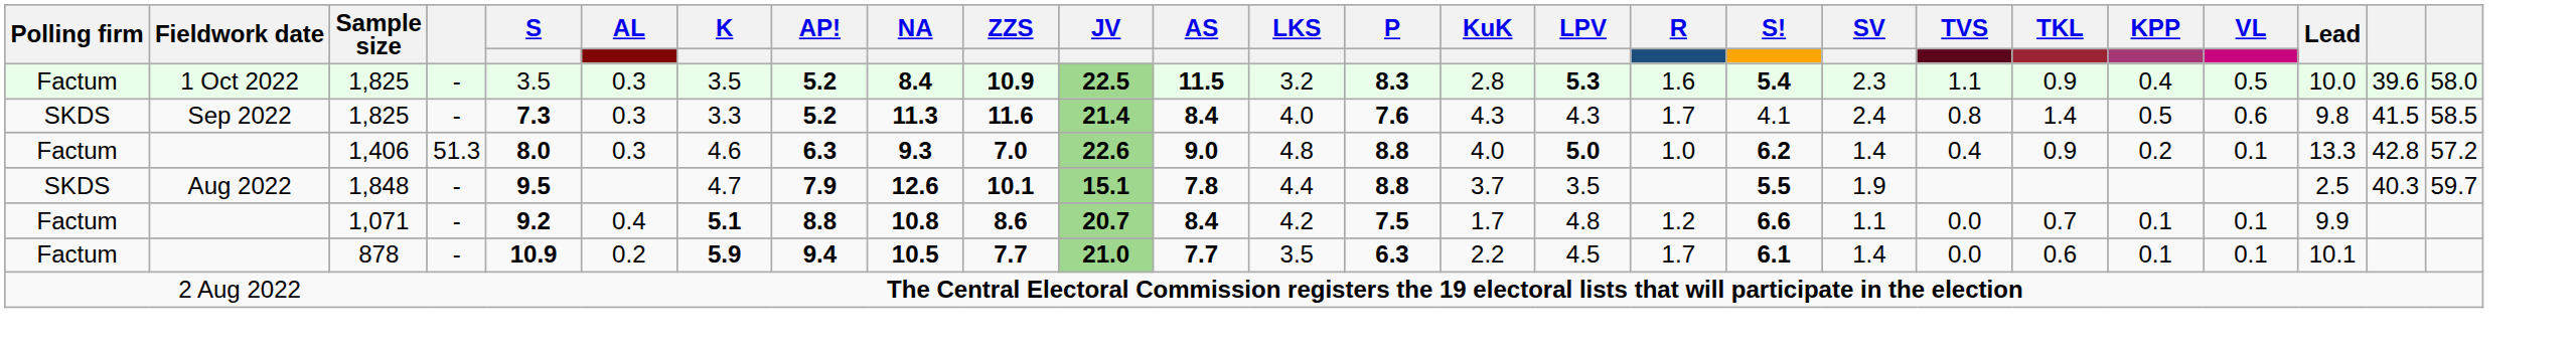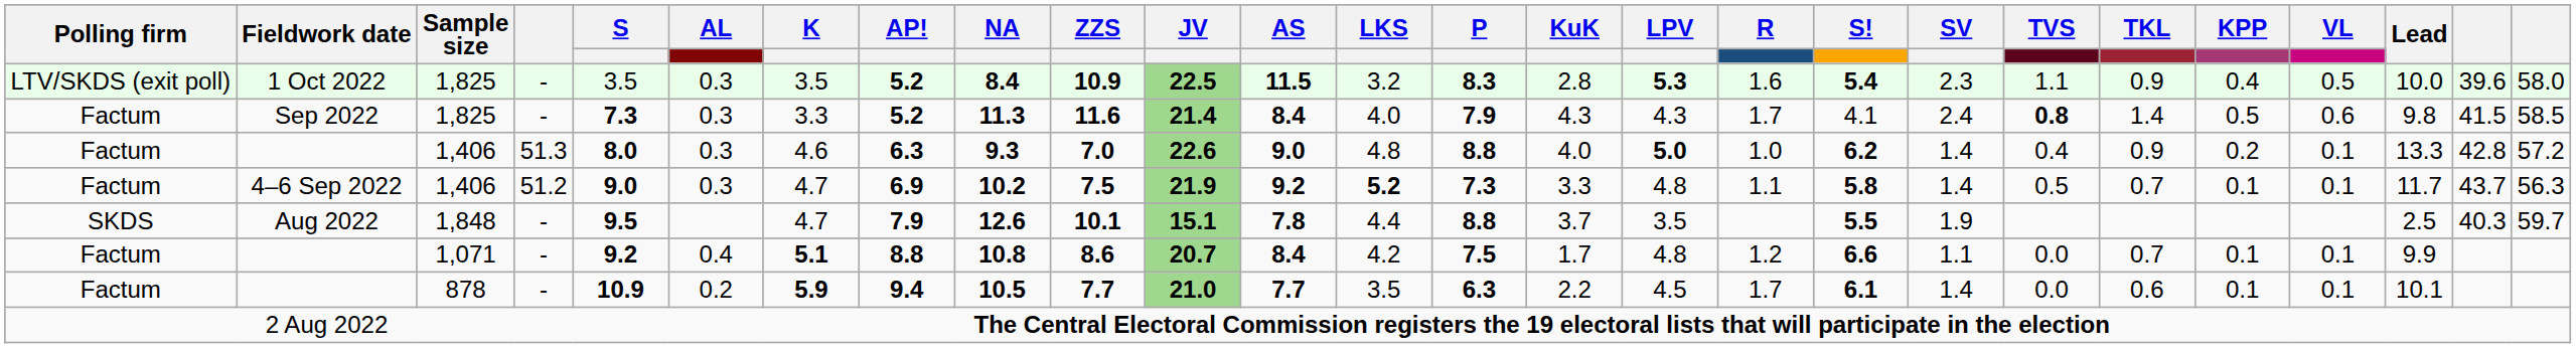 <table class="wikitable sortable mw-datatable" style="text-align:center;font-size:90%;line-height:14px;">
 <tr>
 <th rowspan="2">Polling firm</th>
 <th class="unsortable" rowspan="2">Fieldwork date</th>
 <th class="unsortable" rowspan="2">Sample<br>size</th>
 <th class="unsortable" rowspan="2"></th>
 <th class="unsortable" style="width:50px;"><a href='#'>S</a></th>
 <th class="unsortable" style="width:50px;"><a href='#'>AL</a></th>
 <th class="unsortable" style="width:50px;"><a href='#'>K</a></th>
 <th class="unsortable" style="width:50px;"><a href='#'>AP!</a></th>
 <th class="unsortable" style="width:50px;"><a href='#'>NA</a></th>
 <th class="unsortable" style="width:50px;"><a href='#'>ZZS</a></th>
 <th class="unsortable" style="width:50px;"><a href='#'>JV</a></th>
 <th class="unsortable" style="width:50px;"><a href='#'>AS</a></th>
 <th class="unsortable" style="width:50px;"><a href='#'>LKS</a></th>
 <th class="unsortable" style="width:50px;"><a href='#'>P</a></th>
 <th class="unsortable" style="width:50px;"><a href='#'>KuK</a></th>
 <th class="unsortable" style="width:50px;"><a href='#'>LPV</a></th>
 <th class="unsortable" style="width:50px;"><a href='#'>R</a></th>
 <th class="unsortable" style="width:50px;"><a href='#'>S!</a></th>
 <th class="unsortable" style="width:50px;"><a href='#'>SV</a></th>
 <th class="unsortable" style="width:50px;"><a href='#'>TVS</a></th>
 <th class="unsortable" style="width:50px;"><a href='#'>TKL</a></th>
 <th class="unsortable" style="width:50px;"><a href='#'>KPP</a></th>
 <th class="unsortable" style="width:50px;"><a href='#'>VL</a></th>
 <th class="unsortable" style="width:30px;" rowspan="2">Lead</th>
 <th class="unsortable" style="width:20px;" rowspan="2"></th>
 <th class="unsortable" style="width:20px;" rowspan="2"></th>
 </tr>
 <tr>
 <th data-sort-type="number" style="background:"></th>
 <th data-sort-type="number" style="background:#800404;"></th>
 <th data-sort-type="number" style="background:"></th>
 <th data-sort-type="number" style="background:"></th>
 <th data-sort-type="number" style="background:"></th>
 <th data-sort-type="number" style="background:"></th>
 <th data-sort-type="number" style="background:"></th>
 <th data-sort-type="number" style="background:"></th>
 <th data-sort-type="number" style="background:"></th>
 <th data-sort-type="number" style="background:"></th>
 <th data-sort-type="number" style="background:"></th>
 <th data-sort-type="number" style="background:"></th>
 <th data-sort-type="number" style="background:#1B4D7D;"></th>
 <th data-sort-type="number" style="background:#FFA500;"></th>
 <th data-sort-type="number" style="background:"></th>
 <th data-sort-type="number" style="background:#5B031B;"></th>
 <th data-sort-type="number" style="background:#9C2334;"></th>
 <th data-sort-type="number" style="background:#A53774;"></th>
 <th data-sort-type="number" style="background:#C8057F;"></th>
 </tr>
 <tr style="background:#EAFFEA">
-<td>Factum</td>
+<td>LTV/SKDS (exit poll)</td>
 <td>1 Oct 2022</td>
 <td>1,825</td>
 <td>-</td>
 <td>3.5</td>
 <td>0.3</td>
 <td>3.5</td>
 <td><strong>5.2</strong></td>
 <td><strong>8.4</strong></td>
 <td><strong>10.9</strong></td>
 <td style="background:#A0D78E"><strong>22.5</strong></td>
 <td><strong>11.5</strong></td>
 <td>3.2</td>
 <td><strong>8.3</strong></td>
 <td>2.8</td>
 <td><strong>5.3</strong></td>
 <td>1.6</td>
 <td><strong>5.4</strong></td>
 <td>2.3</td>
 <td>1.1</td>
 <td>0.9</td>
 <td>0.4</td>
 <td>0.5</td>
 <td style="background:">10.0</td>
 <td>39.6</td>
 <td>58.0</td>
 </tr>
 <tr>
-<td>SKDS</td>
+<td>Factum</td>
 <td>Sep 2022</td>
 <td>1,825</td>
 <td>-</td>
 <td><strong>7.3</strong></td>
 <td>0.3</td>
 <td>3.3</td>
 <td><strong>5.2</strong></td>
 <td><strong>11.3</strong></td>
 <td><strong>11.6</strong></td>
 <td style="background:#A0D78E"><strong>21.4</strong></td>
 <td><strong>8.4</strong></td>
 <td>4.0</td>
-<td><strong>7.6</strong></td>
+<td><strong>7.9</strong></td>
 <td>4.3</td>
 <td>4.3</td>
 <td>1.7</td>
 <td>4.1</td>
 <td>2.4</td>
-<td>0.8</td>
+<td><strong>0.8</strong></td>
 <td>1.4</td>
 <td>0.5</td>
 <td>0.6</td>
 <td style="background:">9.8</td>
 <td>41.5</td>
 <td>58.5</td>
 </tr>
 <tr>
 <td>Factum</td>
 <td></td>
 <td>1,406</td>
 <td>51.3</td>
 <td><strong>8.0</strong></td>
 <td>0.3</td>
 <td>4.6</td>
 <td><strong>6.3</strong></td>
 <td><strong>9.3</strong></td>
 <td><strong>7.0</strong></td>
 <td style="background:#A0D78E"><strong>22.6</strong></td>
 <td><strong>9.0</strong></td>
 <td>4.8</td>
 <td><strong>8.8</strong></td>
 <td>4.0</td>
 <td><strong>5.0</strong></td>
 <td>1.0</td>
 <td><strong>6.2</strong></td>
 <td>1.4</td>
 <td>0.4</td>
 <td>0.9</td>
 <td>0.2</td>
 <td>0.1</td>
 <td style="background:">13.3</td>
 <td>42.8</td>
 <td>57.2</td>
+</tr>
+<tr>
+<td>Factum</td>
+<td>4–6 Sep 2022</td>
+<td>1,406</td>
+<td>51.2</td>
+<td><strong>9.0</strong></td>
+<td>0.3</td>
+<td>4.7</td>
+<td><strong>6.9</strong></td>
+<td><strong>10.2</strong></td>
+<td><strong>7.5</strong></td>
+<td style="background:#A0D78E"><strong>21.9</strong></td>
+<td><strong>9.2</strong></td>
+<td><strong>5.2</strong></td>
+<td><strong>7.3</strong></td>
+<td>3.3</td>
+<td>4.8</td>
+<td>1.1</td>
+<td><strong>5.8</strong></td>
+<td>1.4</td>
+<td>0.5</td>
+<td>0.7</td>
+<td>0.1</td>
+<td>0.1</td>
+<td style="background:">11.7</td>
+<td>43.7</td>
+<td>56.3</td>
 </tr>
 <tr>
 <td>SKDS</td>
 <td>Aug 2022</td>
 <td>1,848</td>
 <td>-</td>
 <td><strong>9.5</strong></td>
 <td></td>
 <td>4.7</td>
 <td><strong>7.9</strong></td>
 <td><strong>12.6</strong></td>
 <td><strong>10.1</strong></td>
 <td style="background:#A0D78E"><strong>15.1</strong></td>
 <td><strong>7.8</strong></td>
 <td>4.4</td>
 <td><strong>8.8</strong></td>
 <td>3.7</td>
 <td>3.5</td>
 <td></td>
 <td><strong>5.5</strong></td>
 <td>1.9</td>
 <td></td>
 <td></td>
 <td></td>
 <td></td>
 <td style="background:">2.5</td>
 <td>40.3</td>
 <td>59.7</td>
 </tr>
 <tr>
 <td>Factum</td>
 <td></td>
 <td>1,071</td>
 <td>-</td>
 <td><strong>9.2</strong></td>
 <td>0.4</td>
 <td><strong>5.1</strong></td>
 <td><strong>8.8</strong></td>
 <td><strong>10.8</strong></td>
 <td><strong>8.6</strong></td>
 <td style="background:#A0D78E"><strong>20.7</strong></td>
 <td><strong>8.4</strong></td>
 <td>4.2</td>
 <td><strong>7.5</strong></td>
 <td>1.7</td>
 <td>4.8</td>
 <td>1.2</td>
 <td><strong>6.6</strong></td>
 <td>1.1</td>
 <td>0.0</td>
 <td>0.7</td>
 <td>0.1</td>
 <td>0.1</td>
 <td style="background:">9.9</td>
 <td></td>
 <td></td>
 </tr>
 <tr>
 <td>Factum</td>
 <td></td>
 <td>878</td>
 <td>-</td>
 <td><strong>10.9</strong></td>
 <td>0.2</td>
 <td><strong>5.9</strong></td>
 <td><strong>9.4</strong></td>
 <td><strong>10.5</strong></td>
 <td><strong>7.7</strong></td>
 <td style="background:#A0D78E"><strong>21.0</strong></td>
 <td><strong>7.7</strong></td>
 <td>3.5</td>
 <td><strong>6.3</strong></td>
 <td>2.2</td>
 <td>4.5</td>
 <td>1.7</td>
 <td><strong>6.1</strong></td>
 <td>1.4</td>
 <td>0.0</td>
 <td>0.6</td>
 <td>0.1</td>
 <td>0.1</td>
 <td style="background:">10.1</td>
 <td></td>
 <td></td>
 </tr>
 <tr>
 <td style="border-right-style:hidden;"></td>
 <td style="border-right-style:hidden;">2 Aug 2022</td>
 <td style="border-right-style:hidden;"></td>
 <td colspan="23"><strong>The Central Electoral Commission registers the 19 electoral lists that will participate in the election</strong></td>
 </tr>
 </table>
